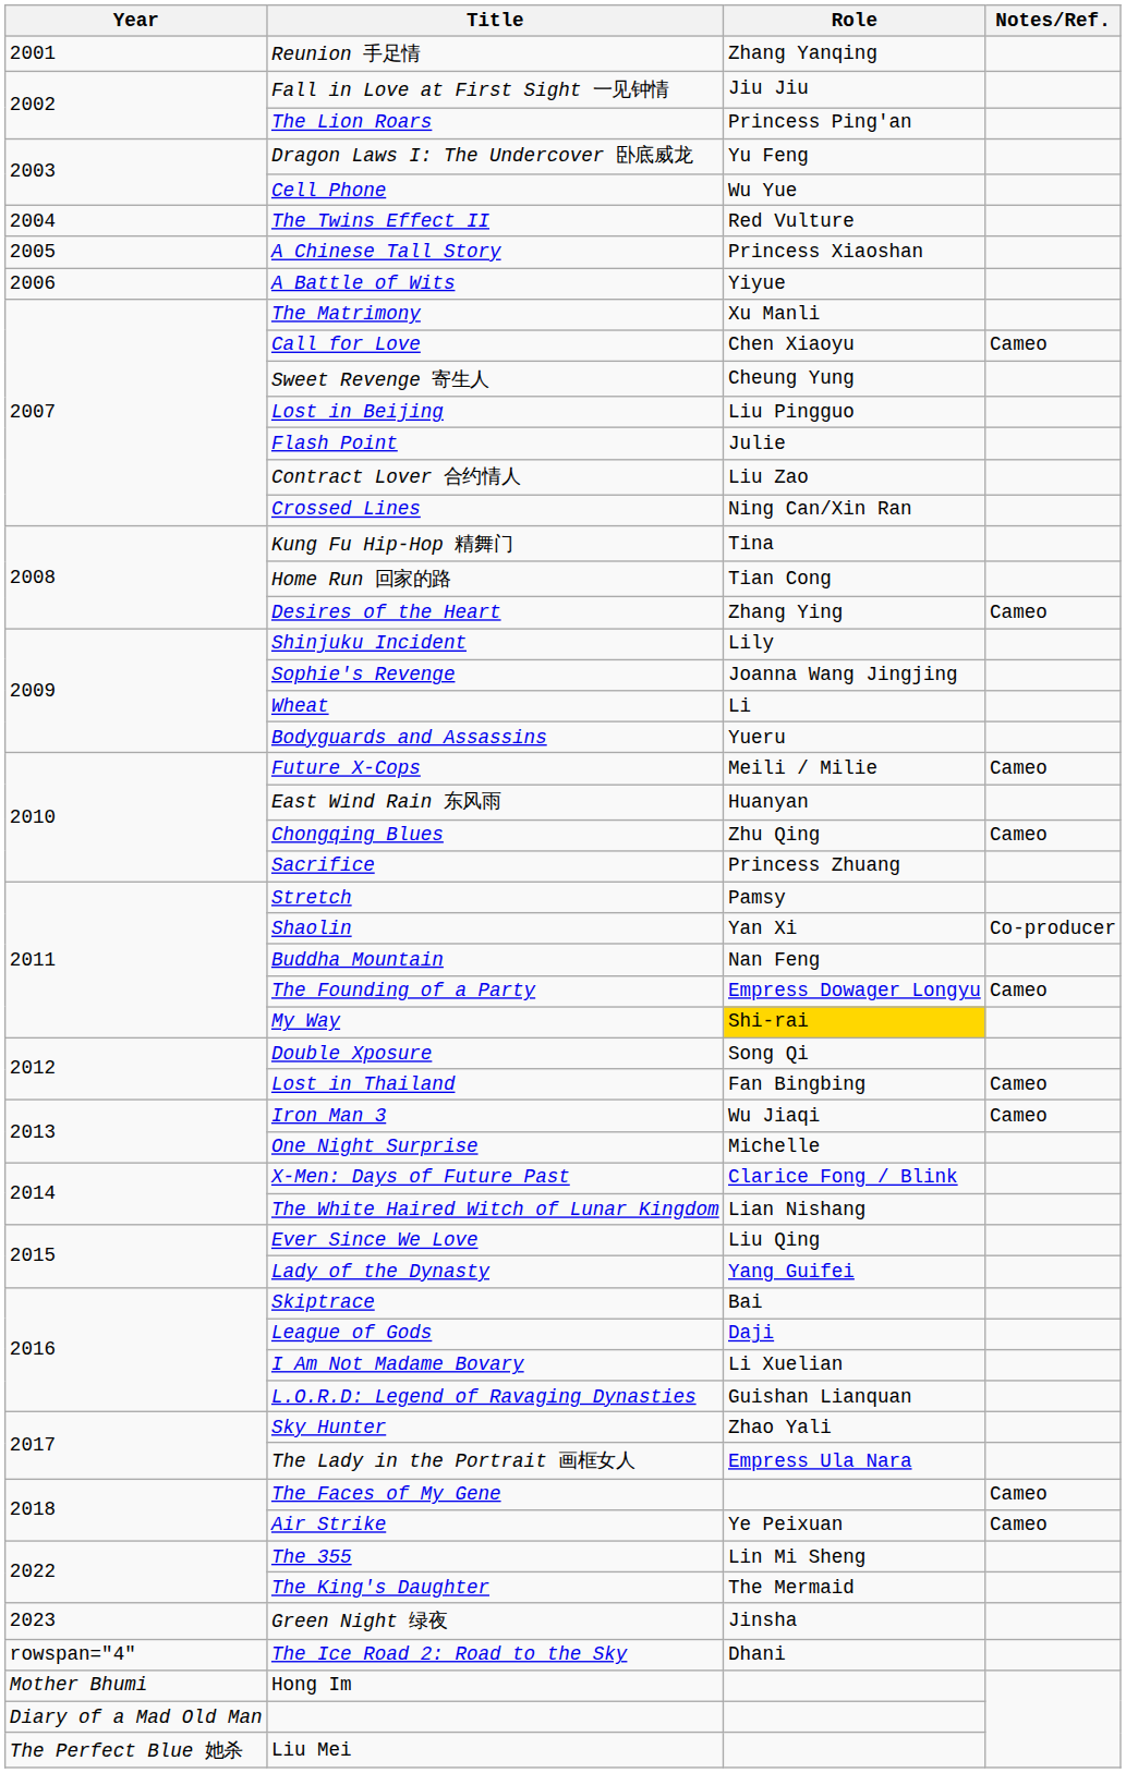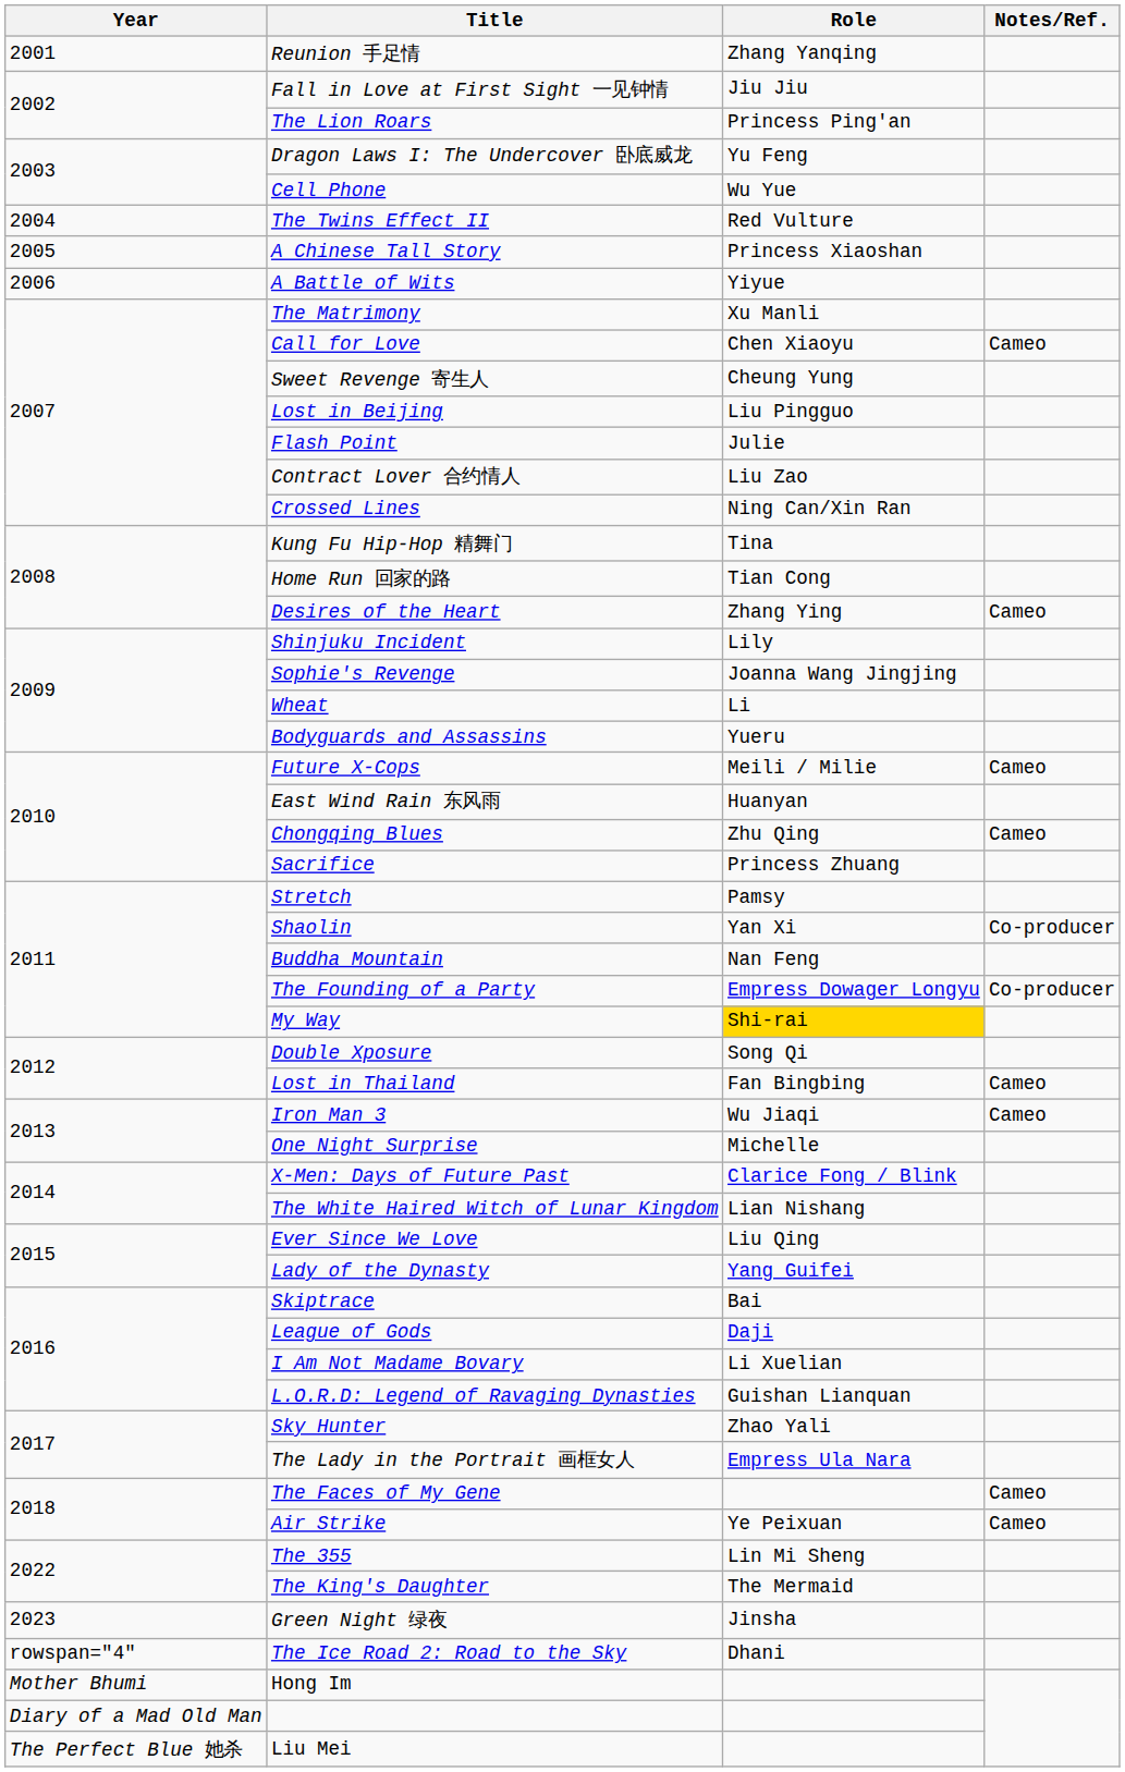 <table class="wikitable sortable">
 <tr>
 <th>Year</th>
 <th>Title</th>
 <th>Role</th>
 <th>Notes/Ref.</th>
 </tr>
 <tr>
 <td>2001</td>
 <td><em>Reunion</em> 手足情</td>
 <td>Zhang Yanqing</td>
 <td></td>
 </tr>
 <tr>
 <td rowspan="2">2002</td>
 <td><em>Fall in Love at First Sight</em> 一见钟情</td>
 <td>Jiu Jiu</td>
 <td></td>
 </tr>
 <tr>
 <td><em><a href='#'>The Lion Roars</a></em></td>
 <td>Princess Ping'an</td>
 <td></td>
 </tr>
 <tr>
 <td rowspan="2">2003</td>
 <td><em>Dragon Laws I: The Undercover</em> 卧底威龙</td>
 <td>Yu Feng</td>
 <td></td>
 </tr>
 <tr>
 <td><em><a href='#'>Cell Phone</a></em></td>
 <td>Wu Yue</td>
 <td></td>
 </tr>
 <tr>
 <td>2004</td>
 <td><em><a href='#'>The Twins Effect II</a></em></td>
 <td>Red Vulture</td>
 <td></td>
 </tr>
 <tr>
 <td>2005</td>
 <td><em><a href='#'>A Chinese Tall Story</a></em></td>
 <td>Princess Xiaoshan</td>
 <td></td>
 </tr>
 <tr>
 <td>2006</td>
 <td><em><a href='#'>A Battle of Wits</a></em></td>
 <td>Yiyue</td>
 <td></td>
 </tr>
 <tr>
 <td rowspan="7">2007</td>
 <td><em><a href='#'>The Matrimony</a></em></td>
 <td>Xu Manli</td>
 <td></td>
 </tr>
 <tr>
 <td><em><a href='#'>Call for Love</a></em></td>
 <td>Chen Xiaoyu</td>
 <td>Cameo</td>
 </tr>
 <tr>
 <td><em>Sweet Revenge</em> 寄生人</td>
 <td>Cheung Yung</td>
 <td></td>
 </tr>
 <tr>
 <td><em><a href='#'>Lost in Beijing</a></em></td>
 <td>Liu Pingguo</td>
 <td></td>
 </tr>
 <tr>
 <td><em><a href='#'>Flash Point</a></em></td>
 <td>Julie</td>
 <td></td>
 </tr>
 <tr>
 <td><em>Contract Lover</em> 合约情人</td>
 <td>Liu Zao</td>
 <td></td>
 </tr>
 <tr>
 <td><em><a href='#'>Crossed Lines</a></em></td>
 <td>Ning Can/Xin Ran</td>
 <td></td>
 </tr>
 <tr>
 <td rowspan="3">2008</td>
 <td><em>Kung Fu Hip-Hop</em> 精舞门</td>
 <td>Tina</td>
 <td></td>
 </tr>
 <tr>
 <td><em>Home Run</em> 回家的路</td>
 <td>Tian Cong</td>
 <td></td>
 </tr>
 <tr>
 <td><em><a href='#'>Desires of the Heart</a></em></td>
 <td>Zhang Ying</td>
 <td>Cameo</td>
 </tr>
 <tr>
 <td rowspan="4">2009</td>
 <td><em><a href='#'>Shinjuku Incident</a></em></td>
 <td>Lily</td>
 <td></td>
 </tr>
 <tr>
 <td><em><a href='#'>Sophie's Revenge</a></em></td>
 <td>Joanna Wang Jingjing</td>
 <td></td>
 </tr>
 <tr>
 <td><em><a href='#'>Wheat</a></em></td>
 <td>Li</td>
 <td></td>
 </tr>
 <tr>
 <td><em><a href='#'>Bodyguards and Assassins</a></em></td>
 <td>Yueru</td>
 <td></td>
 </tr>
 <tr>
 <td rowspan="4">2010</td>
 <td><em><a href='#'>Future X-Cops</a></em></td>
 <td>Meili / Milie</td>
 <td>Cameo</td>
 </tr>
 <tr>
 <td><em>East Wind Rain</em> 东风雨</td>
 <td>Huanyan</td>
 <td></td>
 </tr>
 <tr>
 <td><em><a href='#'>Chongqing Blues</a></em></td>
 <td>Zhu Qing</td>
 <td>Cameo</td>
 </tr>
 <tr>
 <td><em><a href='#'>Sacrifice</a></em></td>
 <td>Princess Zhuang</td>
 <td></td>
 </tr>
 <tr>
 <td rowspan="5">2011</td>
 <td><em><a href='#'>Stretch</a></em></td>
 <td>Pamsy</td>
 <td></td>
 </tr>
 <tr>
 <td><em><a href='#'>Shaolin</a></em></td>
 <td>Yan Xi</td>
 <td>Co-producer</td>
 </tr>
 <tr>
 <td><em><a href='#'>Buddha Mountain</a></em></td>
 <td>Nan Feng</td>
 <td></td>
 </tr>
 <tr>
 <td><em><a href='#'>The Founding of a Party</a></em></td>
 <td><a href='#'>Empress Dowager Longyu</a></td>
-<td>Cameo</td>
+<td>Co-producer</td>
 </tr>
 <tr>
 <td><em><a href='#'>My Way</a></em></td>
 <td style="background: gold;">Shi-rai</td>
 <td></td>
 </tr>
 <tr>
 <td rowspan="2">2012</td>
 <td><em><a href='#'>Double Xposure</a></em></td>
 <td>Song Qi</td>
 <td></td>
 </tr>
 <tr>
 <td><em><a href='#'>Lost in Thailand</a></em></td>
 <td>Fan Bingbing</td>
 <td>Cameo</td>
 </tr>
 <tr>
 <td rowspan="2">2013</td>
 <td><em><a href='#'>Iron Man 3</a></em></td>
 <td>Wu Jiaqi</td>
 <td>Cameo</td>
 </tr>
 <tr>
 <td><em><a href='#'>One Night Surprise</a></em></td>
 <td>Michelle</td>
 <td></td>
 </tr>
 <tr>
 <td rowspan="2">2014</td>
 <td><em><a href='#'>X-Men: Days of Future Past</a></em></td>
 <td><a href='#'>Clarice Fong / Blink</a></td>
 <td></td>
 </tr>
 <tr>
 <td><em><a href='#'>The White Haired Witch of Lunar Kingdom</a></em></td>
 <td>Lian Nishang</td>
 <td></td>
 </tr>
 <tr>
 <td rowspan="2">2015</td>
 <td><em><a href='#'>Ever Since We Love</a></em></td>
 <td>Liu Qing</td>
 <td></td>
 </tr>
 <tr>
 <td><em><a href='#'>Lady of the Dynasty</a></em></td>
 <td><a href='#'>Yang Guifei</a></td>
 <td></td>
 </tr>
 <tr>
 <td rowspan="4">2016</td>
 <td><em><a href='#'>Skiptrace</a></em></td>
 <td>Bai</td>
 <td></td>
 </tr>
 <tr>
 <td><em><a href='#'>League of Gods</a></em></td>
 <td><a href='#'>Daji</a></td>
 <td></td>
 </tr>
 <tr>
 <td><em><a href='#'>I Am Not Madame Bovary</a></em></td>
 <td>Li Xuelian</td>
 <td></td>
 </tr>
 <tr>
 <td><em><a href='#'>L.O.R.D: Legend of Ravaging Dynasties</a></em></td>
 <td>Guishan Lianquan</td>
 <td></td>
 </tr>
 <tr>
 <td rowspan="2">2017</td>
 <td><em><a href='#'>Sky Hunter</a></em></td>
 <td>Zhao Yali</td>
 <td></td>
 </tr>
 <tr>
 <td><em>The Lady in the Portrait</em> 画框女人</td>
 <td><a href='#'>Empress Ula Nara</a></td>
 <td></td>
 </tr>
 <tr>
 <td rowspan="2">2018</td>
 <td><em><a href='#'>The Faces of My Gene</a></em></td>
 <td></td>
 <td>Cameo</td>
 </tr>
 <tr>
 <td><em><a href='#'>Air Strike</a></em></td>
 <td>Ye Peixuan</td>
 <td>Cameo</td>
 </tr>
 <tr>
 <td rowspan="2">2022</td>
 <td><em><a href='#'>The 355</a></em></td>
 <td>Lin Mi Sheng</td>
 <td></td>
 </tr>
 <tr>
 <td><em><a href='#'>The King's Daughter</a></em></td>
 <td>The Mermaid</td>
 <td></td>
 </tr>
 <tr>
 <td>2023</td>
 <td><em>Green Night</em> 绿夜</td>
 <td>Jinsha</td>
 <td></td>
 </tr>
 <tr>
 <td>rowspan="4" </td>
 <td><em><a href='#'>The Ice Road 2: Road to the Sky</a></em></td>
 <td>Dhani</td>
 <td></td>
 </tr>
 <tr>
 <td><em>Mother Bhumi</em></td>
 <td>Hong Im</td>
 <td></td>
 </tr>
 <tr>
 <td><em>Diary of a Mad Old Man</em></td>
 <td></td>
 <td></td>
 </tr>
 <tr>
 <td><em>The Perfect Blue</em> 她杀</td>
 <td>Liu Mei</td>
 <td></td>
 </tr>
 </table>
